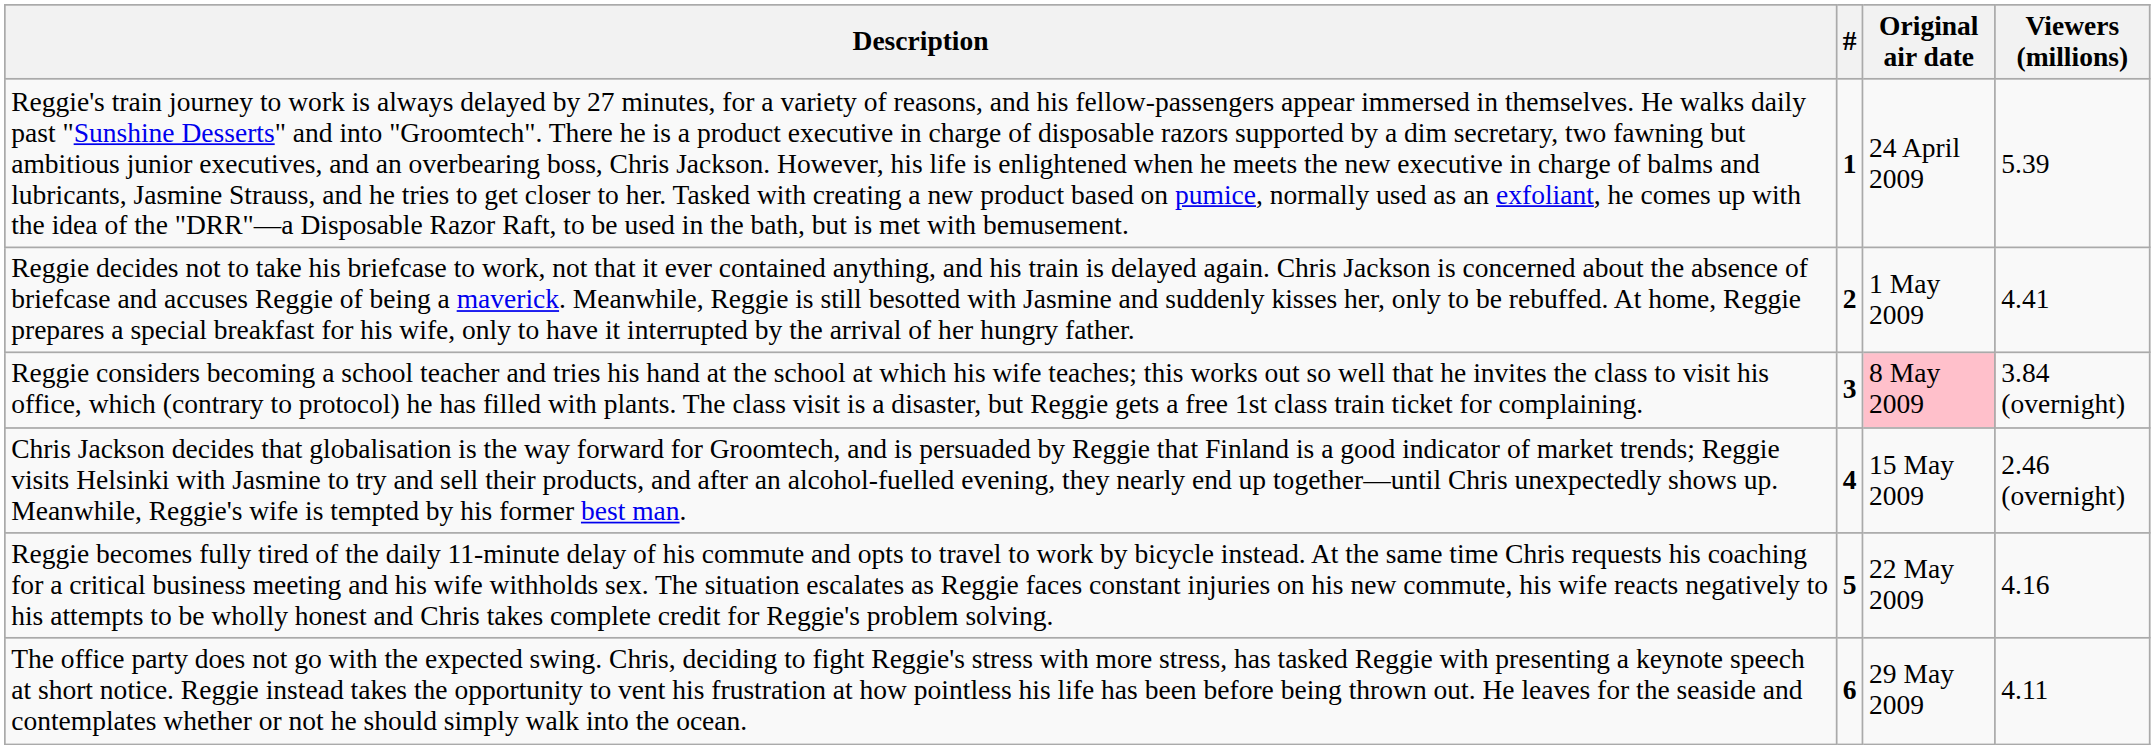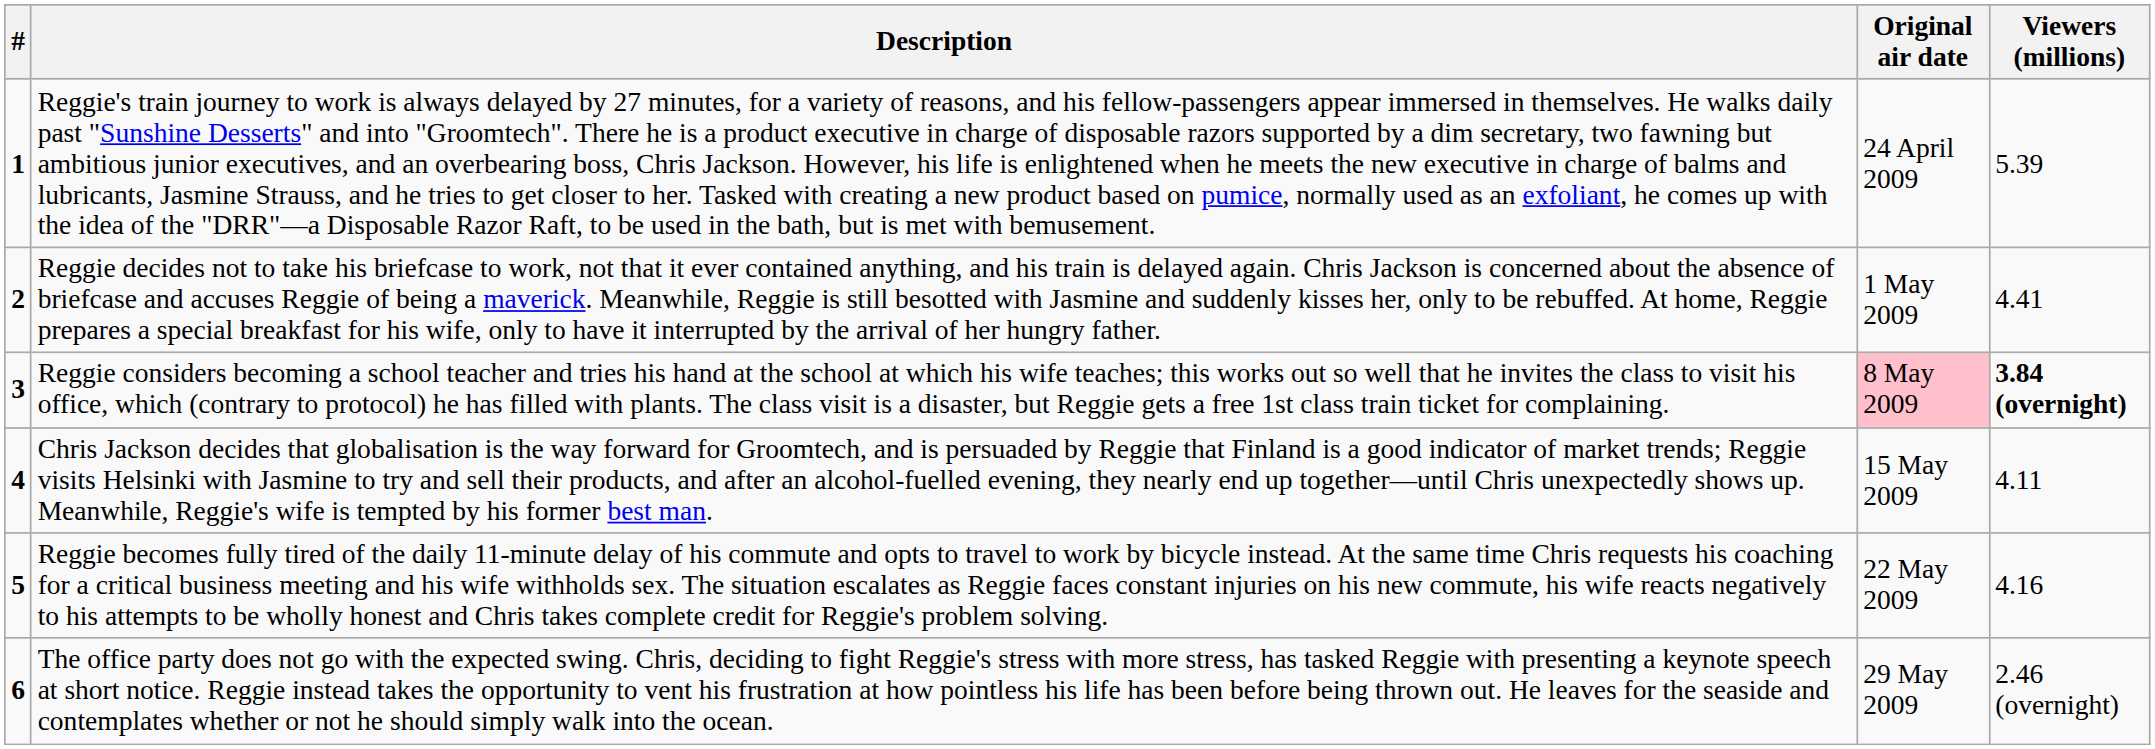 <table class="wikitable">
 <tr>
+<th>#</th>
 <th>Description</th>
-<th>#</th>
 <th>Original air date</th>
 <th>Viewers (millions)</th>
 </tr>
 <tr>
+<td><strong>1</strong></td>
 <td>Reggie's train journey to work is always delayed by 27 minutes, for a variety of reasons, and his fellow-passengers appear immersed in themselves. He walks daily past "<a href='#'>Sunshine Desserts</a>" and into "Groomtech". There he is a product executive in charge of disposable razors supported by a dim secretary, two fawning but ambitious junior executives, and an overbearing boss, Chris Jackson. However, his life is enlightened when he meets the new executive in charge of balms and lubricants, Jasmine Strauss, and he tries to get closer to her. Tasked with creating a new product based on <a href='#'>pumice</a>, normally used as an <a href='#'>exfoliant</a>, he comes up with the idea of the "DRR"—a Disposable Razor Raft, to be used in the bath, but is met with bemusement.</td>
-<td><strong>1</strong></td>
 <td>24 April 2009</td>
 <td>5.39</td>
 </tr>
 <tr>
+<td><strong>2</strong></td>
 <td>Reggie decides not to take his briefcase to work, not that it ever contained anything, and his train is delayed again. Chris Jackson is concerned about the absence of briefcase and accuses Reggie of being a <a href='#'>maverick</a>. Meanwhile, Reggie is still besotted with Jasmine and suddenly kisses her, only to be rebuffed. At home, Reggie prepares a special breakfast for his wife, only to have it interrupted by the arrival of her hungry father. </td>
-<td><strong>2</strong></td>
 <td>1 May 2009</td>
 <td>4.41</td>
 </tr>
 <tr>
+<td><strong>3</strong></td>
 <td>Reggie considers becoming a school teacher and tries his hand at the school at which his wife teaches; this works out so well that he invites the class to visit his office, which (contrary to protocol) he has filled with plants. The class visit is a disaster, but Reggie gets a free 1st class train ticket for complaining.</td>
-<td><strong>3</strong></td>
 <td style="background: pink;">8 May 2009</td>
-<td>3.84 (overnight)</td>
+<td><strong>3.84 (overnight)</strong></td>
 </tr>
 <tr>
+<td><strong>4</strong></td>
 <td>Chris Jackson decides that globalisation is the way forward for Groomtech, and is persuaded by Reggie that Finland is a good indicator of market trends; Reggie visits Helsinki with Jasmine to try and sell their products, and after an alcohol-fuelled evening, they nearly end up together—until Chris unexpectedly shows up. Meanwhile, Reggie's wife is tempted by his former <a href='#'>best man</a>.</td>
-<td><strong>4</strong></td>
 <td>15 May 2009</td>
-<td>2.46 (overnight)</td>
+<td>4.11</td>
 </tr>
 <tr>
+<td><strong>5</strong></td>
 <td>Reggie becomes fully tired of the daily 11-minute delay of his commute and opts to travel to work by bicycle instead. At the same time Chris requests his coaching for a critical business meeting and his wife withholds sex. The situation escalates as Reggie faces constant injuries on his new commute, his wife reacts negatively to his attempts to be wholly honest and Chris takes complete credit for Reggie's problem solving.</td>
-<td><strong>5</strong></td>
 <td>22 May 2009</td>
 <td>4.16</td>
 </tr>
 <tr>
+<td><strong>6</strong></td>
 <td>The office party does not go with the expected swing. Chris, deciding to fight Reggie's stress with more stress, has tasked Reggie with presenting a keynote speech at short notice.  Reggie instead takes the opportunity to vent his frustration at how pointless his life has been before being thrown out.  He leaves for the seaside and contemplates whether or not he should simply walk into the ocean.</td>
-<td><strong>6</strong></td>
 <td>29 May 2009</td>
-<td>4.11</td>
+<td>2.46 (overnight)</td>
 </tr>
 </table>
